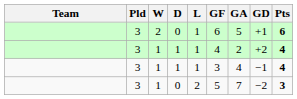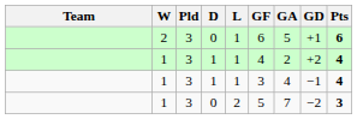 <table class="wikitable" style="text-align: center;">
 <tr>
 <th width=165>Team</th>
+<th width=20>W</th>
 <th width=20>Pld</th>
-<th width=20>W</th>
 <th width=20>D</th>
 <th width=20>L</th>
 <th width=20>GF</th>
 <th width=20>GA</th>
 <th width=20>GD</th>
 <th width=20>Pts</th>
 </tr>
 <tr style="background:#cfc;">
 <td align=left></td>
+<td>2</td>
 <td>3</td>
-<td>2</td>
 <td>0</td>
 <td>1</td>
 <td>6</td>
 <td>5</td>
 <td>+1</td>
 <td><strong>6</strong></td>
 </tr>
 <tr style="background:#cfc;">
 <td align=left></td>
+<td>1</td>
 <td>3</td>
-<td>1</td>
 <td>1</td>
 <td>1</td>
 <td>4</td>
 <td>2</td>
 <td>+2</td>
 <td><strong>4</strong></td>
 </tr>
 <tr>
 <td align=left></td>
+<td>1</td>
 <td>3</td>
-<td>1</td>
 <td>1</td>
 <td>1</td>
 <td>3</td>
 <td>4</td>
 <td>−1</td>
 <td><strong>4</strong></td>
 </tr>
 <tr>
 <td align=left></td>
+<td>1</td>
 <td>3</td>
-<td>1</td>
 <td>0</td>
 <td>2</td>
 <td>5</td>
 <td>7</td>
 <td>−2</td>
 <td><strong>3</strong></td>
 </tr>
 </table>
